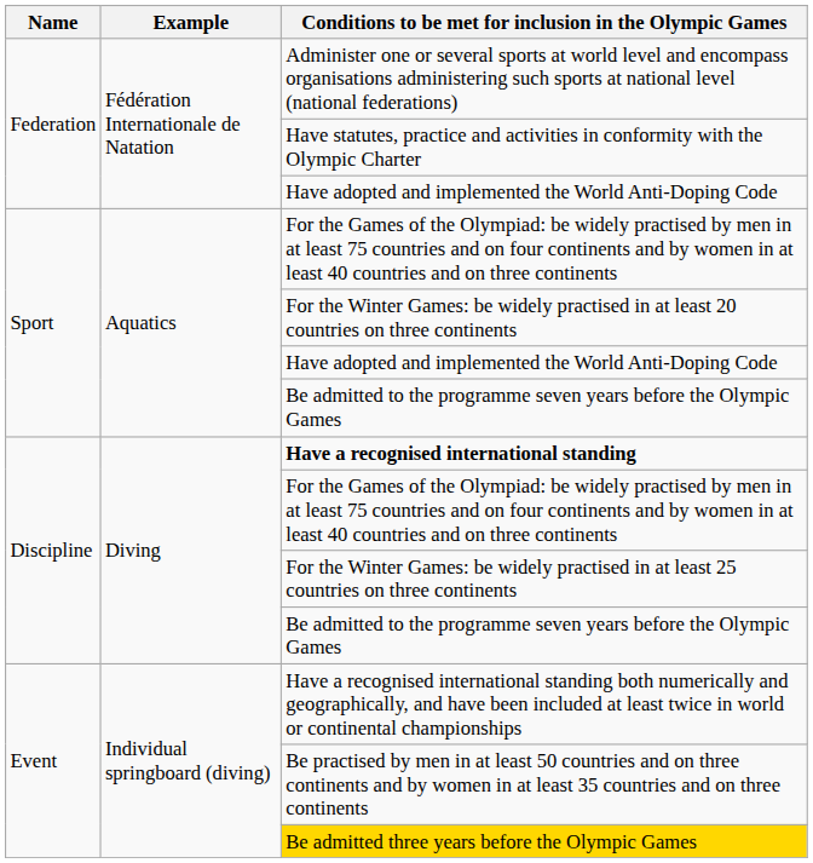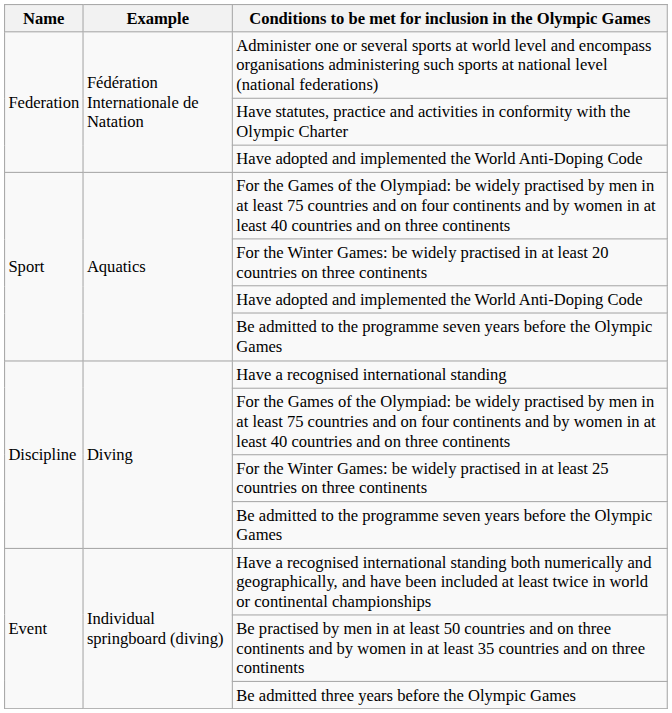 <table class="wikitable collapsible collapsed" style="font-size:95%;">
 <tr>
 <th>Name</th>
 <th>Example</th>
 <th>Conditions to be met for inclusion in the Olympic Games</th>
 </tr>
 <tr>
 <td rowspan="3">Federation</td>
 <td rowspan="3">Fédération Internationale de Natation</td>
 <td>Administer one or several sports at world level and encompass organisations administering such sports at national level (national federations)</td>
 </tr>
 <tr>
 <td>Have statutes, practice and activities in conformity with the Olympic Charter</td>
 </tr>
 <tr>
 <td>Have adopted and implemented the World Anti-Doping Code</td>
 </tr>
 <tr>
 <td rowspan="4">Sport</td>
 <td rowspan="4">Aquatics</td>
 <td>For the Games of the Olympiad: be widely practised by men in at least 75 countries and on four continents and by women in at least 40 countries and on three continents</td>
 </tr>
 <tr>
 <td>For the Winter Games: be widely practised in at least 20 countries on three continents</td>
 </tr>
 <tr>
 <td>Have adopted and implemented the World Anti-Doping Code</td>
 </tr>
 <tr>
 <td>Be admitted to the programme seven years before the Olympic Games</td>
 </tr>
 <tr>
 <td rowspan="4">Discipline</td>
 <td rowspan="4">Diving</td>
-<td><strong>Have a recognised international standing</strong></td>
+<td>Have a recognised international standing</td>
 </tr>
 <tr>
 <td>For the Games of the Olympiad: be widely practised by men in at least 75 countries and on four continents and by women in at least 40 countries and on three continents</td>
 </tr>
 <tr>
 <td>For the Winter Games: be widely practised in at least 25 countries on three continents</td>
 </tr>
 <tr>
 <td>Be admitted to the programme seven years before the Olympic Games</td>
 </tr>
 <tr>
 <td rowspan="3">Event</td>
 <td rowspan="3">Individual springboard (diving)</td>
 <td>Have a recognised international standing both numerically and geographically, and have been included at least twice in world or continental championships</td>
 </tr>
 <tr>
 <td>Be practised by men in at least 50 countries and on three continents and by women in at least 35 countries and on three continents</td>
 </tr>
 <tr>
-<td style="background: gold;">Be admitted three years before the Olympic Games</td>
+<td>Be admitted three years before the Olympic Games</td>
 </tr>
 </table>
